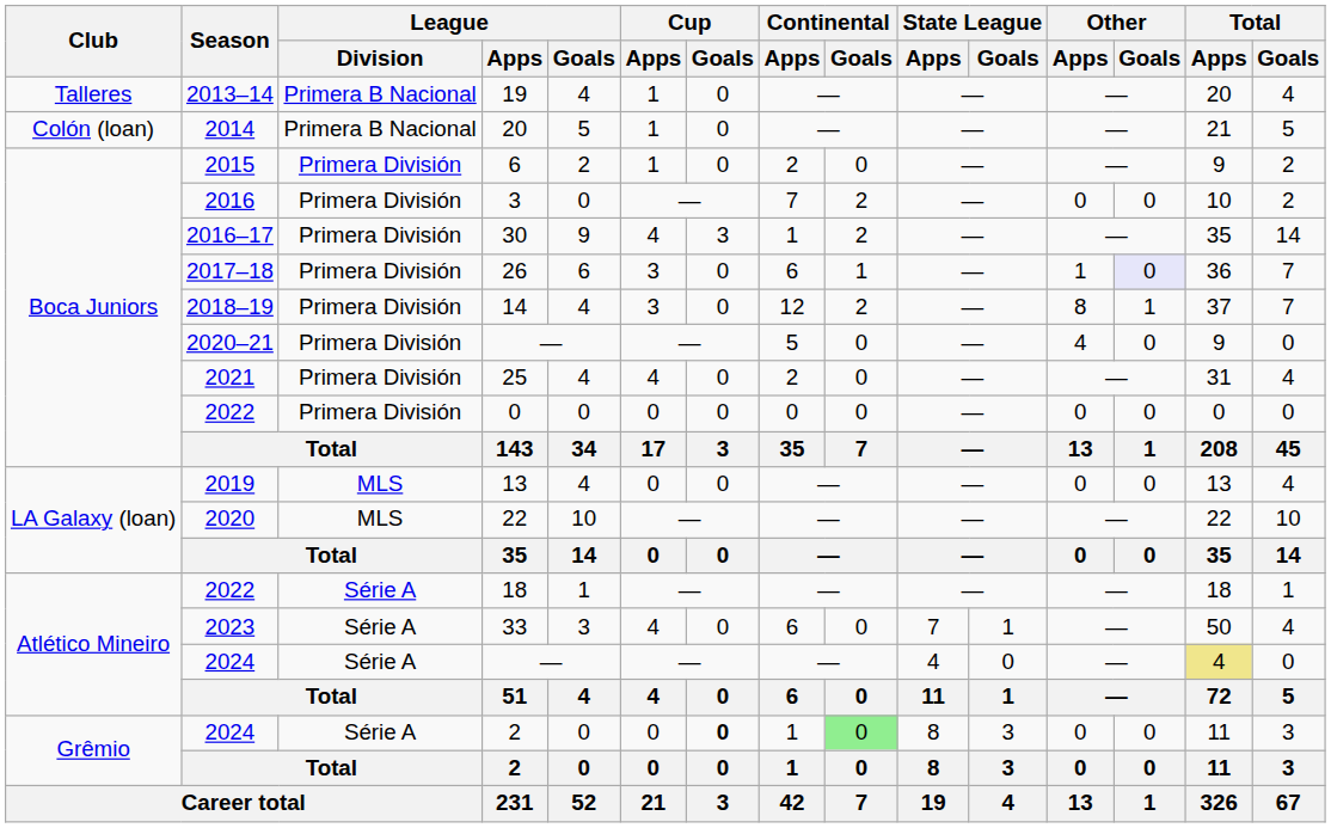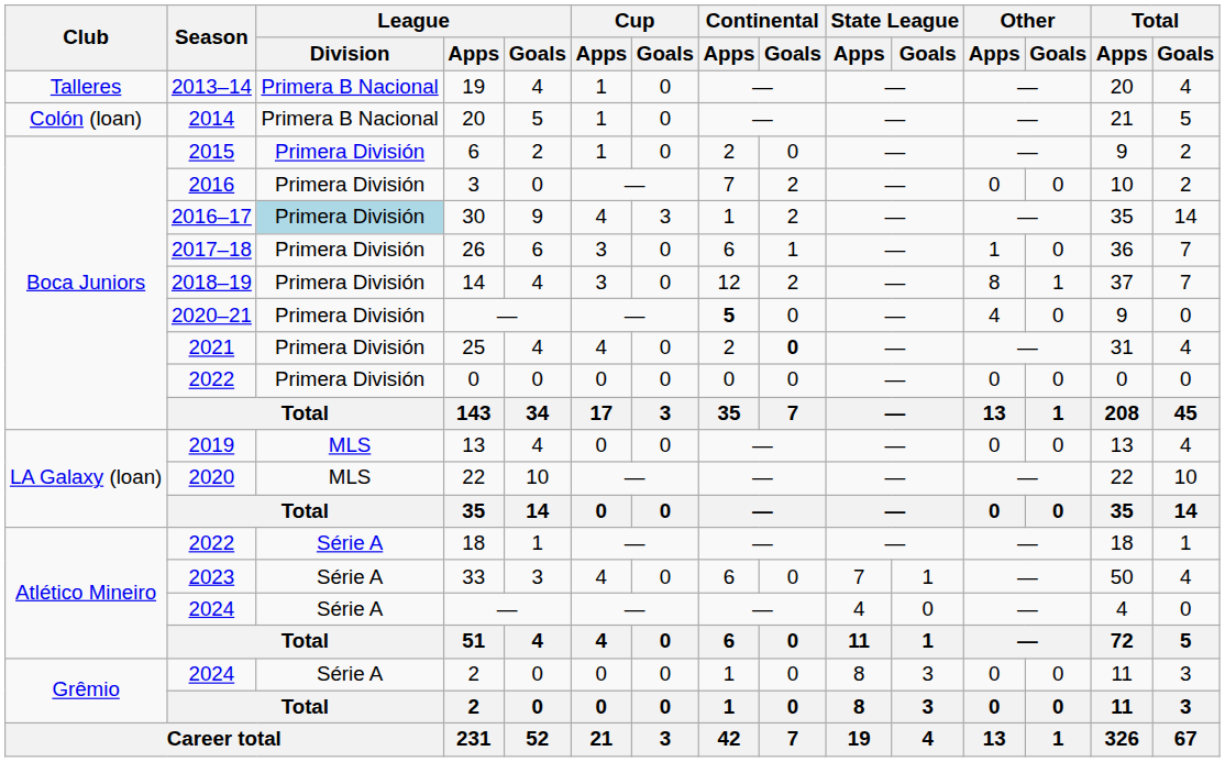 <table class="wikitable" style="text-align: center;">
 <tr>
 <th rowspan="2">Club</th>
 <th rowspan="2">Season</th>
 <th colspan="3">League</th>
 <th colspan="2">Cup</th>
 <th colspan="2">Continental</th>
 <th colspan="2">State League</th>
 <th colspan="2">Other</th>
 <th colspan="2">Total</th>
 </tr>
 <tr>
 <th>Division</th>
 <th>Apps</th>
 <th>Goals</th>
 <th>Apps</th>
 <th>Goals</th>
 <th>Apps</th>
 <th>Goals</th>
 <th>Apps</th>
 <th>Goals</th>
 <th>Apps</th>
 <th>Goals</th>
 <th>Apps</th>
 <th>Goals</th>
 </tr>
 <tr>
 <td><a href='#'>Talleres</a></td>
 <td><a href='#'>2013–14</a></td>
 <td><a href='#'>Primera B Nacional</a></td>
 <td>19</td>
 <td>4</td>
 <td>1</td>
 <td>0</td>
 <td colspan=2>—</td>
 <td colspan=2>—</td>
 <td colspan=2>—</td>
 <td>20</td>
 <td>4</td>
 </tr>
 <tr>
 <td><a href='#'>Colón</a> (loan)</td>
 <td><a href='#'>2014</a></td>
 <td>Primera B Nacional</td>
 <td>20</td>
 <td>5</td>
 <td>1</td>
 <td>0</td>
 <td colspan=2>—</td>
 <td colspan=2>—</td>
 <td colspan=2>—</td>
 <td>21</td>
 <td>5</td>
 </tr>
 <tr>
 <td rowspan=9><a href='#'>Boca Juniors</a></td>
 <td><a href='#'>2015</a></td>
 <td><a href='#'>Primera División</a></td>
 <td>6</td>
 <td>2</td>
 <td>1</td>
 <td>0</td>
 <td>2</td>
 <td>0</td>
 <td colspan=2>—</td>
 <td colspan=2>—</td>
 <td>9</td>
 <td>2</td>
 </tr>
 <tr>
 <td><a href='#'>2016</a></td>
 <td>Primera División</td>
 <td>3</td>
 <td>0</td>
 <td colspan=2>—</td>
 <td>7</td>
 <td>2</td>
 <td colspan=2>—</td>
 <td>0</td>
 <td>0</td>
 <td>10</td>
 <td>2</td>
 </tr>
 <tr>
 <td><a href='#'>2016–17</a></td>
-<td>Primera División</td>
+<td style="background: lightblue;">Primera División</td>
 <td>30</td>
 <td>9</td>
 <td>4</td>
 <td>3</td>
 <td>1</td>
 <td>2</td>
 <td colspan=2>—</td>
 <td colspan=2>—</td>
 <td>35</td>
 <td>14</td>
 </tr>
 <tr>
 <td><a href='#'>2017–18</a></td>
 <td>Primera División</td>
 <td>26</td>
 <td>6</td>
 <td>3</td>
 <td>0</td>
 <td>6</td>
 <td>1</td>
 <td colspan=2>—</td>
 <td>1</td>
-<td style="background: lavender;">0</td>
+<td>0</td>
 <td>36</td>
 <td>7</td>
 </tr>
 <tr>
 <td><a href='#'>2018–19</a></td>
 <td>Primera División</td>
 <td>14</td>
 <td>4</td>
 <td>3</td>
 <td>0</td>
 <td>12</td>
 <td>2</td>
 <td colspan=2>—</td>
 <td>8</td>
 <td>1</td>
 <td>37</td>
 <td>7</td>
 </tr>
 <tr>
 <td><a href='#'>2020–21</a></td>
 <td>Primera División</td>
 <td colspan=2>—</td>
 <td colspan=2>—</td>
-<td>5</td>
+<td><strong>5</strong></td>
 <td>0</td>
 <td colspan=2>—</td>
 <td>4</td>
 <td>0</td>
 <td>9</td>
 <td>0</td>
 </tr>
 <tr>
 <td><a href='#'>2021</a></td>
 <td>Primera División</td>
 <td>25</td>
 <td>4</td>
 <td>4</td>
 <td>0</td>
 <td>2</td>
-<td>0</td>
+<td><strong>0</strong></td>
 <td colspan=2>—</td>
 <td colspan=2>—</td>
 <td>31</td>
 <td>4</td>
 </tr>
 <tr>
 <td><a href='#'>2022</a></td>
 <td>Primera División</td>
 <td>0</td>
 <td>0</td>
 <td>0</td>
 <td>0</td>
 <td>0</td>
 <td>0</td>
 <td colspan=2>—</td>
 <td>0</td>
 <td>0</td>
 <td>0</td>
 <td>0</td>
 </tr>
 <tr>
 <th colspan=2>Total</th>
 <th>143</th>
 <th>34</th>
 <th>17</th>
 <th>3</th>
 <th>35</th>
 <th>7</th>
 <th colspan=2>—</th>
 <th>13</th>
 <th>1</th>
 <th>208</th>
 <th>45</th>
 </tr>
 <tr>
 <td rowspan=3><a href='#'>LA Galaxy</a> (loan)</td>
 <td><a href='#'>2019</a></td>
 <td><a href='#'>MLS</a></td>
 <td>13</td>
 <td>4</td>
 <td>0</td>
 <td>0</td>
 <td colspan=2>—</td>
 <td colspan=2>—</td>
 <td>0</td>
 <td>0</td>
 <td>13</td>
 <td>4</td>
 </tr>
 <tr>
 <td><a href='#'>2020</a></td>
 <td>MLS</td>
 <td>22</td>
 <td>10</td>
 <td colspan=2>—</td>
 <td colspan=2>—</td>
 <td colspan=2>—</td>
 <td colspan=2>—</td>
 <td>22</td>
 <td>10</td>
 </tr>
 <tr>
 <th colspan=2>Total</th>
 <th>35</th>
 <th>14</th>
 <th>0</th>
 <th>0</th>
 <th colspan=2>—</th>
 <th colspan=2>—</th>
 <th>0</th>
 <th>0</th>
 <th>35</th>
 <th>14</th>
 </tr>
 <tr>
 <td rowspan=4><a href='#'>Atlético Mineiro</a></td>
 <td><a href='#'>2022</a></td>
 <td><a href='#'>Série A</a></td>
 <td>18</td>
 <td>1</td>
 <td colspan=2>—</td>
 <td colspan=2>—</td>
 <td colspan=2>—</td>
 <td colspan=2>—</td>
 <td>18</td>
 <td>1</td>
 </tr>
 <tr>
 <td><a href='#'>2023</a></td>
 <td>Série A</td>
 <td>33</td>
 <td>3</td>
 <td>4</td>
 <td>0</td>
 <td>6</td>
 <td>0</td>
 <td>7</td>
 <td>1</td>
 <td colspan=2>—</td>
 <td>50</td>
 <td>4</td>
 </tr>
 <tr>
 <td><a href='#'>2024</a></td>
 <td>Série A</td>
 <td colspan=2>—</td>
 <td colspan=2>—</td>
 <td colspan=2>—</td>
 <td>4</td>
 <td>0</td>
 <td colspan=2>—</td>
-<td style="background: khaki;">4</td>
+<td>4</td>
 <td>0</td>
 </tr>
 <tr>
 <th colspan=2>Total</th>
 <th>51</th>
 <th>4</th>
 <th>4</th>
 <th>0</th>
 <th>6</th>
 <th>0</th>
 <th>11</th>
 <th>1</th>
 <th colspan=2>—</th>
 <th>72</th>
 <th>5</th>
 </tr>
 <tr>
 <td rowspan=2><a href='#'>Grêmio</a></td>
 <td><a href='#'>2024</a></td>
 <td>Série A</td>
 <td>2</td>
 <td>0</td>
 <td>0</td>
-<td><strong>0</strong></td>
+<td>0</td>
 <td>1</td>
-<td style="background: lightgreen;">0</td>
+<td>0</td>
 <td>8</td>
 <td>3</td>
 <td>0</td>
 <td>0</td>
 <td>11</td>
 <td>3</td>
 </tr>
 <tr>
 <th colspan=2>Total</th>
 <th>2</th>
 <th>0</th>
 <th>0</th>
 <th>0</th>
 <th>1</th>
 <th>0</th>
 <th>8</th>
 <th>3</th>
 <th>0</th>
 <th>0</th>
 <th>11</th>
 <th>3</th>
 </tr>
 <tr>
 <th colspan="3">Career total</th>
 <th>231</th>
 <th>52</th>
 <th>21</th>
 <th>3</th>
 <th>42</th>
 <th>7</th>
 <th>19</th>
 <th>4</th>
 <th>13</th>
 <th>1</th>
 <th>326</th>
 <th>67</th>
 </tr>
 </table>
